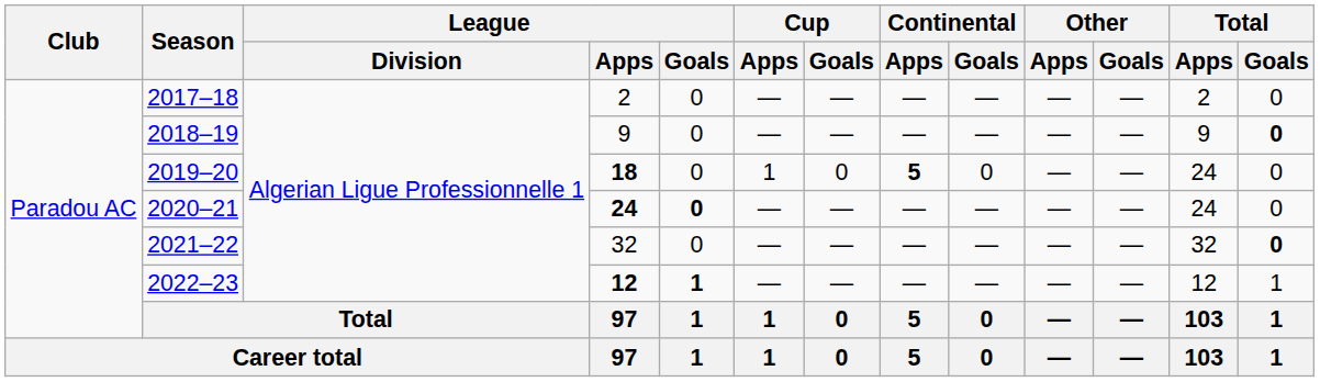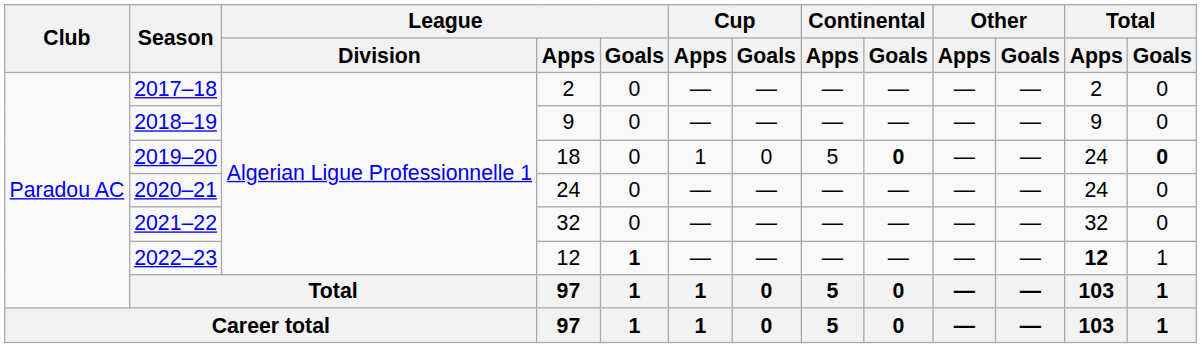 <table class=wikitable style=text-align:center>
 <tr>
 <th rowspan=2>Club</th>
 <th rowspan=2>Season</th>
 <th colspan=3>League</th>
 <th colspan=2>Cup</th>
 <th colspan=2>Continental</th>
 <th colspan=2>Other</th>
 <th colspan=2>Total</th>
 </tr>
 <tr>
 <th>Division</th>
 <th>Apps</th>
 <th>Goals</th>
 <th>Apps</th>
 <th>Goals</th>
 <th>Apps</th>
 <th>Goals</th>
 <th>Apps</th>
 <th>Goals</th>
 <th>Apps</th>
 <th>Goals</th>
 </tr>
 <tr>
 <td rowspan=7><a href='#'>Paradou AC</a></td>
 <td><a href='#'>2017–18</a></td>
 <td rowspan=6><a href='#'>Algerian Ligue Professionnelle 1</a></td>
 <td>2</td>
 <td>0</td>
 <td>—</td>
 <td>—</td>
 <td>—</td>
 <td>—</td>
 <td>—</td>
 <td>—</td>
 <td>2</td>
 <td>0</td>
 </tr>
 <tr>
 <td><a href='#'>2018–19</a></td>
 <td>9</td>
 <td>0</td>
 <td>—</td>
 <td>—</td>
 <td>—</td>
 <td>—</td>
 <td>—</td>
 <td>—</td>
 <td>9</td>
+<td>0</td>
+</tr>
+<tr>
+<td><a href='#'>2019–20</a></td>
+<td>18</td>
+<td>0</td>
+<td>1</td>
+<td>0</td>
+<td>5</td>
+<td><strong>0</strong></td>
+<td>—</td>
+<td>—</td>
+<td>24</td>
 <td><strong>0</strong></td>
 </tr>
 <tr>
-<td><a href='#'>2019–20</a></td>
-<td><strong>18</strong></td>
-<td>0</td>
-<td>1</td>
-<td>0</td>
-<td><strong>5</strong></td>
-<td>0</td>
-<td>—</td>
-<td>—</td>
+<td><a href='#'>2020–21</a></td>
 <td>24</td>
 <td>0</td>
-</tr>
-<tr>
-<td><a href='#'>2020–21</a></td>
-<td><strong>24</strong></td>
-<td><strong>0</strong></td>
 <td>—</td>
 <td>—</td>
 <td>—</td>
 <td>—</td>
 <td>—</td>
 <td>—</td>
 <td>24</td>
 <td>0</td>
 </tr>
 <tr>
 <td><a href='#'>2021–22</a></td>
 <td>32</td>
 <td>0</td>
 <td>—</td>
 <td>—</td>
 <td>—</td>
 <td>—</td>
 <td>—</td>
 <td>—</td>
 <td>32</td>
-<td><strong>0</strong></td>
+<td>0</td>
 </tr>
 <tr>
 <td><a href='#'>2022–23</a></td>
-<td><strong>12</strong></td>
+<td>12</td>
 <td><strong>1</strong></td>
 <td>—</td>
 <td>—</td>
 <td>—</td>
 <td>—</td>
 <td>—</td>
 <td>—</td>
-<td>12</td>
+<td><strong>12</strong></td>
 <td>1</td>
 </tr>
 <tr>
 <th colspan="2">Total</th>
 <th>97</th>
 <th>1</th>
 <th>1</th>
 <th>0</th>
 <th>5</th>
 <th>0</th>
 <th>—</th>
 <th>—</th>
 <th>103</th>
 <th>1</th>
 </tr>
 <tr>
 <th colspan=3>Career total</th>
 <th>97</th>
 <th>1</th>
 <th>1</th>
 <th>0</th>
 <th>5</th>
 <th>0</th>
 <th>—</th>
 <th>—</th>
 <th>103</th>
 <th>1</th>
 </tr>
 </table>
